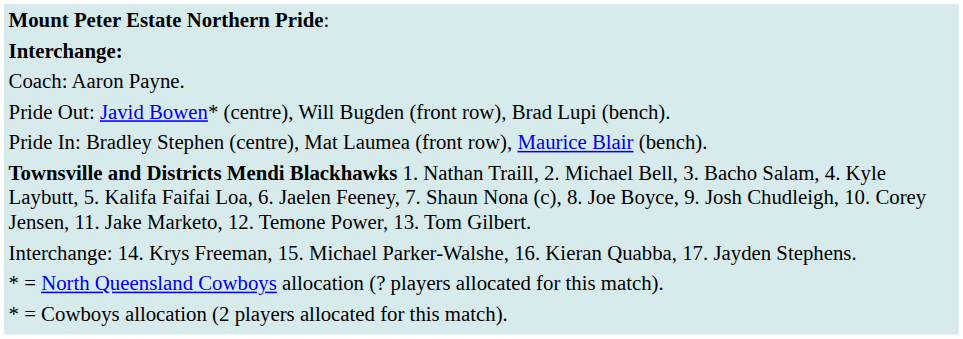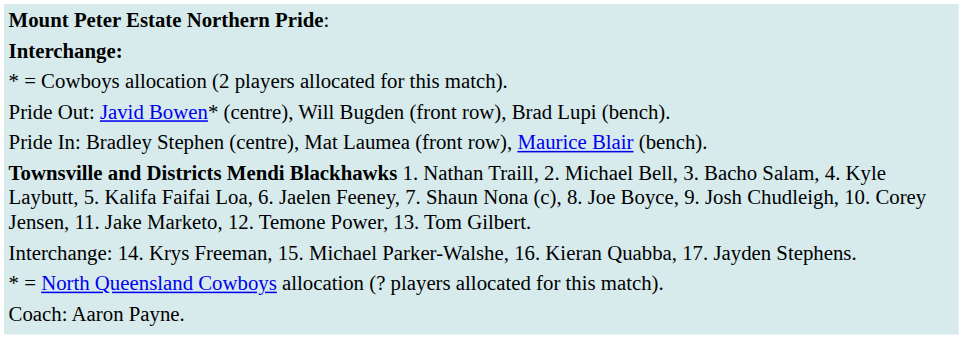 <table style="background:#d7ebed; font-size:85%; width:100%;">
 <tr>
 <td><strong>Mount Peter Estate Northern Pride</strong>:             </td>
 </tr>
 <tr>
 <td><strong>Interchange:    </strong></td>
 </tr>
 <tr>
-<td>Coach: Aaron Payne.</td>
+<td>* = Cowboys allocation (2 players allocated for this match).</td>
 </tr>
 <tr>
 <td>Pride Out: <a href='#'>Javid Bowen</a>* (centre), Will Bugden (front row), Brad Lupi (bench).</td>
 </tr>
 <tr>
 <td>Pride In: Bradley Stephen (centre), Mat Laumea (front row), <a href='#'>Maurice Blair</a> (bench).</td>
 </tr>
 <tr>
 <td><strong>Townsville and Districts Mendi Blackhawks</strong> 1. Nathan Traill, 2. Michael Bell, 3. Bacho Salam, 4. Kyle Laybutt, 5. Kalifa Faifai Loa, 6. Jaelen Feeney, 7. Shaun Nona (c), 8. Joe Boyce, 9. Josh Chudleigh, 10. Corey Jensen, 11. Jake Marketo, 12. Temone Power, 13. Tom Gilbert.</td>
 </tr>
 <tr>
 <td>Interchange: 14. Krys Freeman, 15. Michael Parker-Walshe, 16. Kieran Quabba, 17. Jayden Stephens.</td>
 </tr>
 <tr>
 <td>* = <a href='#'>North Queensland Cowboys</a> allocation (? players allocated for this match).</td>
 </tr>
 <tr>
-<td>* = Cowboys allocation (2 players allocated for this match).</td>
+<td>Coach: Aaron Payne.</td>
 </tr>
 <tr>
 </tr>
 </table>
